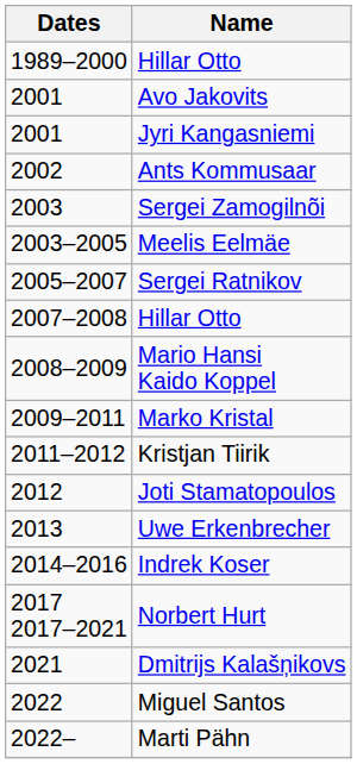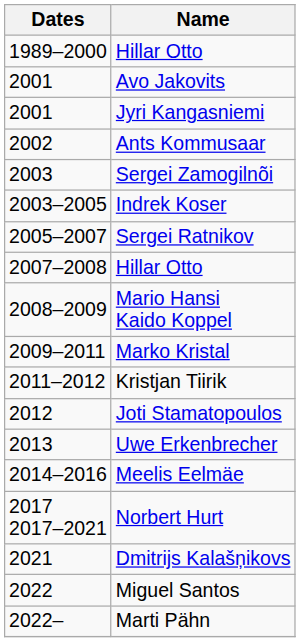 <table class="wikitable">
 <tr>
 <th>Dates</th>
 <th>Name</th>
 </tr>
 <tr>
 <td>1989–2000</td>
 <td> <a href='#'>Hillar Otto</a></td>
 </tr>
 <tr>
 <td>2001</td>
 <td> <a href='#'>Avo Jakovits</a></td>
 </tr>
 <tr>
 <td>2001</td>
 <td> <a href='#'>Jyri Kangasniemi</a></td>
 </tr>
 <tr>
 <td>2002</td>
 <td> <a href='#'>Ants Kommusaar</a></td>
 </tr>
 <tr>
 <td>2003</td>
 <td> <a href='#'>Sergei Zamogilnõi</a></td>
 </tr>
 <tr>
 <td>2003–2005</td>
-<td> <a href='#'>Meelis Eelmäe</a></td>
+<td> <a href='#'>Indrek Koser</a></td>
 </tr>
 <tr>
 <td>2005–2007</td>
 <td> <a href='#'>Sergei Ratnikov</a></td>
 </tr>
 <tr>
 <td>2007–2008</td>
 <td> <a href='#'>Hillar Otto</a></td>
 </tr>
 <tr>
 <td>2008–2009</td>
 <td> <a href='#'>Mario Hansi</a><br> <a href='#'>Kaido Koppel</a></td>
 </tr>
 <tr>
 <td>2009–2011</td>
 <td> <a href='#'>Marko Kristal</a></td>
 </tr>
 <tr>
 <td>2011–2012</td>
 <td> Kristjan Tiirik</td>
 </tr>
 <tr>
 <td>2012</td>
 <td> <a href='#'>Joti Stamatopoulos</a></td>
 </tr>
 <tr>
 <td>2013</td>
 <td> <a href='#'>Uwe Erkenbrecher</a></td>
 </tr>
 <tr>
 <td>2014–2016</td>
-<td> <a href='#'>Indrek Koser</a></td>
+<td> <a href='#'>Meelis Eelmäe</a></td>
 </tr>
 <tr>
 <td>2017<br>2017–2021</td>
 <td> <a href='#'>Norbert Hurt</a></td>
 </tr>
 <tr>
 <td>2021</td>
 <td> <a href='#'>Dmitrijs Kalašņikovs</a></td>
 </tr>
 <tr>
 <td>2022</td>
 <td> Miguel Santos</td>
 </tr>
 <tr>
 <td>2022–</td>
 <td> Marti Pähn</td>
 </tr>
 <tr>
 </tr>
 </table>
